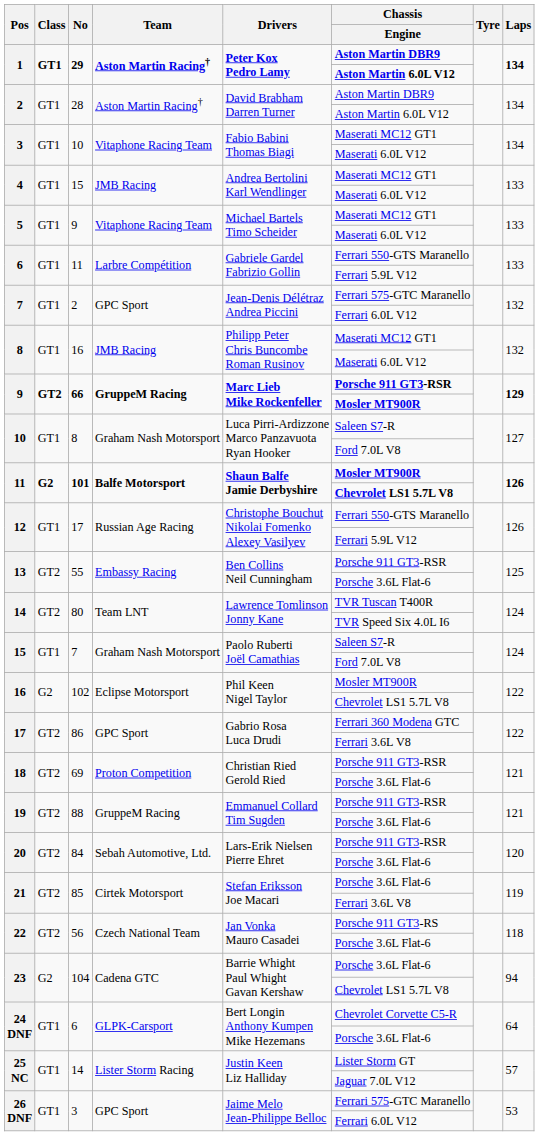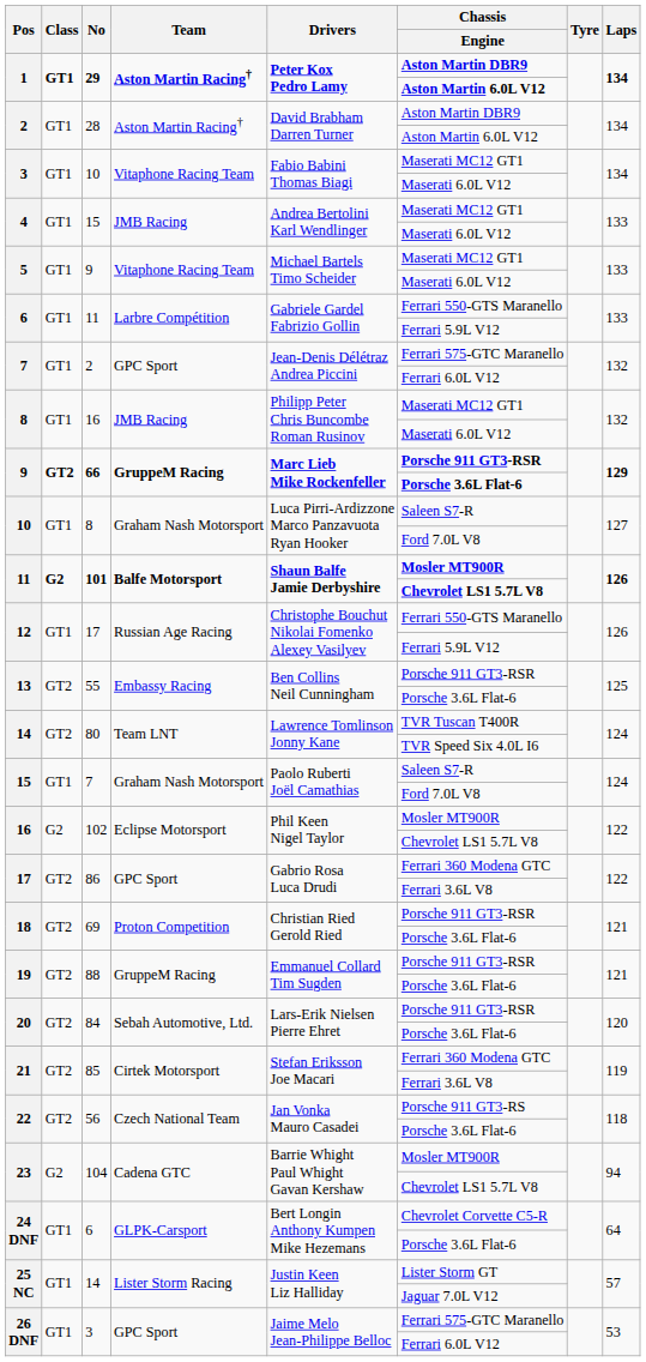 <table class="wikitable" style="font-size: 95%;">
 <tr>
 <th rowspan=2>Pos</th>
 <th rowspan=2>Class</th>
 <th rowspan=2>No</th>
 <th rowspan=2>Team</th>
 <th rowspan=2>Drivers</th>
 <th>Chassis</th>
 <th rowspan=2>Tyre</th>
 <th rowspan=2>Laps</th>
 </tr>
 <tr>
 <th>Engine</th>
 </tr>
 <tr style="font-weight:bold">
 <th rowspan=2>1</th>
 <td rowspan=2>GT1</td>
 <td rowspan=2>29</td>
 <td rowspan=2> <a href='#'>Aston Martin Racing</a><sup>†</sup></td>
 <td rowspan=2> <a href='#'>Peter Kox</a><br> <a href='#'>Pedro Lamy</a></td>
 <td><a href='#'>Aston Martin DBR9</a></td>
 <td rowspan=2></td>
 <td rowspan=2>134</td>
 </tr>
 <tr style="font-weight:bold">
 <td><a href='#'>Aston Martin</a> 6.0L V12</td>
 </tr>
 <tr>
 <th rowspan=2>2</th>
 <td rowspan=2>GT1</td>
 <td rowspan=2>28</td>
 <td rowspan=2> <a href='#'>Aston Martin Racing</a><sup>†</sup></td>
 <td rowspan=2> <a href='#'>David Brabham</a><br> <a href='#'>Darren Turner</a></td>
 <td><a href='#'>Aston Martin DBR9</a></td>
 <td rowspan=2></td>
 <td rowspan=2>134</td>
 </tr>
 <tr>
 <td><a href='#'>Aston Martin</a> 6.0L V12</td>
 </tr>
 <tr>
 <th rowspan=2>3</th>
 <td rowspan=2>GT1</td>
 <td rowspan=2>10</td>
 <td rowspan=2> <a href='#'>Vitaphone Racing Team</a></td>
 <td rowspan=2> <a href='#'>Fabio Babini</a><br> <a href='#'>Thomas Biagi</a></td>
 <td><a href='#'>Maserati MC12</a> GT1</td>
 <td rowspan=2></td>
 <td rowspan=2>134</td>
 </tr>
 <tr>
 <td><a href='#'>Maserati</a> 6.0L V12</td>
 </tr>
 <tr>
 <th rowspan=2>4</th>
 <td rowspan=2>GT1</td>
 <td rowspan=2>15</td>
 <td rowspan=2> <a href='#'>JMB Racing</a></td>
 <td rowspan=2> <a href='#'>Andrea Bertolini</a><br> <a href='#'>Karl Wendlinger</a></td>
 <td><a href='#'>Maserati MC12</a> GT1</td>
 <td rowspan=2></td>
 <td rowspan=2>133</td>
 </tr>
 <tr>
 <td><a href='#'>Maserati</a> 6.0L V12</td>
 </tr>
 <tr>
 <th rowspan=2>5</th>
 <td rowspan=2>GT1</td>
 <td rowspan=2>9</td>
 <td rowspan=2> <a href='#'>Vitaphone Racing Team</a></td>
 <td rowspan=2> <a href='#'>Michael Bartels</a><br> <a href='#'>Timo Scheider</a></td>
 <td><a href='#'>Maserati MC12</a> GT1</td>
 <td rowspan=2></td>
 <td rowspan=2>133</td>
 </tr>
 <tr>
 <td><a href='#'>Maserati</a> 6.0L V12</td>
 </tr>
 <tr>
 <th rowspan=2>6</th>
 <td rowspan=2>GT1</td>
 <td rowspan=2>11</td>
 <td rowspan=2> <a href='#'>Larbre Compétition</a></td>
 <td rowspan=2> <a href='#'>Gabriele Gardel</a><br> <a href='#'>Fabrizio Gollin</a></td>
 <td><a href='#'>Ferrari 550</a>-GTS Maranello</td>
 <td rowspan=2></td>
 <td rowspan=2>133</td>
 </tr>
 <tr>
 <td><a href='#'>Ferrari</a> 5.9L V12</td>
 </tr>
 <tr>
 <th rowspan=2>7</th>
 <td rowspan=2>GT1</td>
 <td rowspan=2>2</td>
 <td rowspan=2> GPC Sport</td>
 <td rowspan=2> <a href='#'>Jean-Denis Délétraz</a><br> <a href='#'>Andrea Piccini</a></td>
 <td><a href='#'>Ferrari 575</a>-GTC Maranello</td>
 <td rowspan=2></td>
 <td rowspan=2>132</td>
 </tr>
 <tr>
 <td><a href='#'>Ferrari</a> 6.0L V12</td>
 </tr>
 <tr>
 <th rowspan=2>8</th>
 <td rowspan=2>GT1</td>
 <td rowspan=2>16</td>
 <td rowspan=2> <a href='#'>JMB Racing</a></td>
 <td rowspan=2> <a href='#'>Philipp Peter</a><br> <a href='#'>Chris Buncombe</a><br> <a href='#'>Roman Rusinov</a></td>
 <td><a href='#'>Maserati MC12</a> GT1</td>
 <td rowspan=2></td>
 <td rowspan=2>132</td>
 </tr>
 <tr>
 <td><a href='#'>Maserati</a> 6.0L V12</td>
 </tr>
 <tr style="font-weight:bold">
 <th rowspan=2>9</th>
 <td rowspan=2>GT2</td>
 <td rowspan=2>66</td>
 <td rowspan=2> GruppeM Racing</td>
 <td rowspan=2> <a href='#'>Marc Lieb</a><br> <a href='#'>Mike Rockenfeller</a></td>
 <td><a href='#'>Porsche 911 GT3</a>-RSR</td>
 <td rowspan=2></td>
 <td rowspan=2>129</td>
 </tr>
 <tr style="font-weight:bold">
-<td><a href='#'>Mosler MT900R</a></td>
+<td><a href='#'>Porsche</a> 3.6L Flat-6</td>
 </tr>
 <tr>
 <th rowspan=2>10</th>
 <td rowspan=2>GT1</td>
 <td rowspan=2>8</td>
 <td rowspan=2> Graham Nash Motorsport</td>
 <td rowspan=2> Luca Pirri-Ardizzone<br> Marco Panzavuota<br> Ryan Hooker</td>
 <td><a href='#'>Saleen S7</a>-R</td>
 <td rowspan=2></td>
 <td rowspan=2>127</td>
 </tr>
 <tr>
 <td><a href='#'>Ford</a> 7.0L V8</td>
 </tr>
 <tr style="font-weight:bold">
 <th rowspan=2>11</th>
 <td rowspan=2>G2</td>
 <td rowspan=2>101</td>
 <td rowspan=2> Balfe Motorsport</td>
 <td rowspan=2> <a href='#'>Shaun Balfe</a><br> Jamie Derbyshire</td>
 <td><a href='#'>Mosler MT900R</a></td>
 <td rowspan=2></td>
 <td rowspan=2>126</td>
 </tr>
 <tr style="font-weight:bold">
 <td><a href='#'>Chevrolet</a> LS1 5.7L V8</td>
 </tr>
 <tr>
 <th rowspan=2>12</th>
 <td rowspan=2>GT1</td>
 <td rowspan=2>17</td>
 <td rowspan=2> Russian Age Racing</td>
 <td rowspan=2> <a href='#'>Christophe Bouchut</a><br> <a href='#'>Nikolai Fomenko</a><br> <a href='#'>Alexey Vasilyev</a></td>
 <td><a href='#'>Ferrari 550</a>-GTS Maranello</td>
 <td rowspan=2></td>
 <td rowspan=2>126</td>
 </tr>
 <tr>
 <td><a href='#'>Ferrari</a> 5.9L V12</td>
 </tr>
 <tr>
 <th rowspan=2>13</th>
 <td rowspan=2>GT2</td>
 <td rowspan=2>55</td>
 <td rowspan=2> <a href='#'>Embassy Racing</a></td>
 <td rowspan=2> <a href='#'>Ben Collins</a><br> Neil Cunningham</td>
 <td><a href='#'>Porsche 911 GT3</a>-RSR</td>
 <td rowspan=2></td>
 <td rowspan=2>125</td>
 </tr>
 <tr>
 <td><a href='#'>Porsche</a> 3.6L Flat-6</td>
 </tr>
 <tr>
 <th rowspan=2>14</th>
 <td rowspan=2>GT2</td>
 <td rowspan=2>80</td>
 <td rowspan=2> Team LNT</td>
 <td rowspan=2> <a href='#'>Lawrence Tomlinson</a><br> <a href='#'>Jonny Kane</a></td>
 <td><a href='#'>TVR Tuscan</a> T400R</td>
 <td rowspan=2></td>
 <td rowspan=2>124</td>
 </tr>
 <tr>
 <td><a href='#'>TVR</a> Speed Six 4.0L I6</td>
 </tr>
 <tr>
 <th rowspan=2>15</th>
 <td rowspan=2>GT1</td>
 <td rowspan=2>7</td>
 <td rowspan=2> Graham Nash Motorsport</td>
 <td rowspan=2> Paolo Ruberti<br> <a href='#'>Joël Camathias</a></td>
 <td><a href='#'>Saleen S7</a>-R</td>
 <td rowspan=2></td>
 <td rowspan=2>124</td>
 </tr>
 <tr>
 <td><a href='#'>Ford</a> 7.0L V8</td>
 </tr>
 <tr>
 <th rowspan=2>16</th>
 <td rowspan=2>G2</td>
 <td rowspan=2>102</td>
 <td rowspan=2> Eclipse Motorsport</td>
 <td rowspan=2> Phil Keen<br> Nigel Taylor</td>
 <td><a href='#'>Mosler MT900R</a></td>
 <td rowspan=2></td>
 <td rowspan=2>122</td>
 </tr>
 <tr>
 <td><a href='#'>Chevrolet</a> LS1 5.7L V8</td>
 </tr>
 <tr>
 <th rowspan=2>17</th>
 <td rowspan=2>GT2</td>
 <td rowspan=2>86</td>
 <td rowspan=2> GPC Sport</td>
 <td rowspan=2> Gabrio Rosa<br> Luca Drudi</td>
 <td><a href='#'>Ferrari 360 Modena</a> GTC</td>
 <td rowspan=2></td>
 <td rowspan=2>122</td>
 </tr>
 <tr>
 <td><a href='#'>Ferrari</a> 3.6L V8</td>
 </tr>
 <tr>
 <th rowspan=2>18</th>
 <td rowspan=2>GT2</td>
 <td rowspan=2>69</td>
 <td rowspan=2> <a href='#'>Proton Competition</a></td>
 <td rowspan=2> Christian Ried<br> Gerold Ried</td>
 <td><a href='#'>Porsche 911 GT3</a>-RSR</td>
 <td rowspan=2></td>
 <td rowspan=2>121</td>
 </tr>
 <tr>
 <td><a href='#'>Porsche</a> 3.6L Flat-6</td>
 </tr>
 <tr>
 <th rowspan=2>19</th>
 <td rowspan=2>GT2</td>
 <td rowspan=2>88</td>
 <td rowspan=2> GruppeM Racing</td>
 <td rowspan=2> <a href='#'>Emmanuel Collard</a><br> <a href='#'>Tim Sugden</a></td>
 <td><a href='#'>Porsche 911 GT3</a>-RSR</td>
 <td rowspan=2></td>
 <td rowspan=2>121</td>
 </tr>
 <tr>
 <td><a href='#'>Porsche</a> 3.6L Flat-6</td>
 </tr>
 <tr>
 <th rowspan=2>20</th>
 <td rowspan=2>GT2</td>
 <td rowspan=2>84</td>
 <td rowspan=2> Sebah Automotive, Ltd.</td>
 <td rowspan=2> Lars-Erik Nielsen<br> Pierre Ehret</td>
 <td><a href='#'>Porsche 911 GT3</a>-RSR</td>
 <td rowspan=2></td>
 <td rowspan=2>120</td>
 </tr>
 <tr>
 <td><a href='#'>Porsche</a> 3.6L Flat-6</td>
 </tr>
 <tr>
 <th rowspan=2>21</th>
 <td rowspan=2>GT2</td>
 <td rowspan=2>85</td>
 <td rowspan=2> Cirtek Motorsport</td>
 <td rowspan=2> <a href='#'>Stefan Eriksson</a><br> Joe Macari</td>
-<td><a href='#'>Porsche</a> 3.6L Flat-6</td>
+<td><a href='#'>Ferrari 360 Modena</a> GTC</td>
 <td rowspan=2></td>
 <td rowspan=2>119</td>
 </tr>
 <tr>
 <td><a href='#'>Ferrari</a> 3.6L V8</td>
 </tr>
 <tr>
 <th rowspan=2>22</th>
 <td rowspan=2>GT2</td>
 <td rowspan=2>56</td>
 <td rowspan=2> Czech National Team</td>
 <td rowspan=2> <a href='#'>Jan Vonka</a><br> Mauro Casadei</td>
 <td><a href='#'>Porsche 911 GT3</a>-RS</td>
 <td rowspan=2></td>
 <td rowspan=2>118</td>
 </tr>
 <tr>
 <td><a href='#'>Porsche</a> 3.6L Flat-6</td>
 </tr>
 <tr>
 <th rowspan=2>23</th>
 <td rowspan=2>G2</td>
 <td rowspan=2>104</td>
 <td rowspan=2> Cadena GTC</td>
 <td rowspan=2> Barrie Whight<br> Paul Whight<br> Gavan Kershaw</td>
-<td><a href='#'>Porsche</a> 3.6L Flat-6</td>
+<td><a href='#'>Mosler MT900R</a></td>
 <td rowspan=2></td>
 <td rowspan=2>94</td>
 </tr>
 <tr>
 <td><a href='#'>Chevrolet</a> LS1 5.7L V8</td>
 </tr>
 <tr>
 <th rowspan=2>24<br>DNF</th>
 <td rowspan=2>GT1</td>
 <td rowspan=2>6</td>
 <td rowspan=2> <a href='#'>GLPK-Carsport</a></td>
 <td rowspan=2> Bert Longin<br> <a href='#'>Anthony Kumpen</a><br> Mike Hezemans</td>
 <td><a href='#'>Chevrolet Corvette C5-R</a></td>
 <td rowspan=2></td>
 <td rowspan=2>64</td>
 </tr>
 <tr>
 <td><a href='#'>Porsche</a> 3.6L Flat-6</td>
 </tr>
 <tr>
 <th rowspan=2>25<br>NC</th>
 <td rowspan=2>GT1</td>
 <td rowspan=2>14</td>
 <td rowspan=2> <a href='#'>Lister Storm</a> Racing</td>
 <td rowspan=2> <a href='#'>Justin Keen</a><br> Liz Halliday</td>
 <td><a href='#'>Lister Storm</a> GT</td>
 <td rowspan=2></td>
 <td rowspan=2>57</td>
 </tr>
 <tr>
 <td><a href='#'>Jaguar</a> 7.0L V12</td>
 </tr>
 <tr>
 <th rowspan=2>26<br>DNF</th>
 <td rowspan=2>GT1</td>
 <td rowspan=2>3</td>
 <td rowspan=2> GPC Sport</td>
 <td rowspan=2> <a href='#'>Jaime Melo</a><br> <a href='#'>Jean-Philippe Belloc</a></td>
 <td><a href='#'>Ferrari 575</a>-GTC Maranello</td>
 <td rowspan=2></td>
 <td rowspan=2>53</td>
 </tr>
 <tr>
 <td><a href='#'>Ferrari</a> 6.0L V12</td>
 </tr>
 </table>
